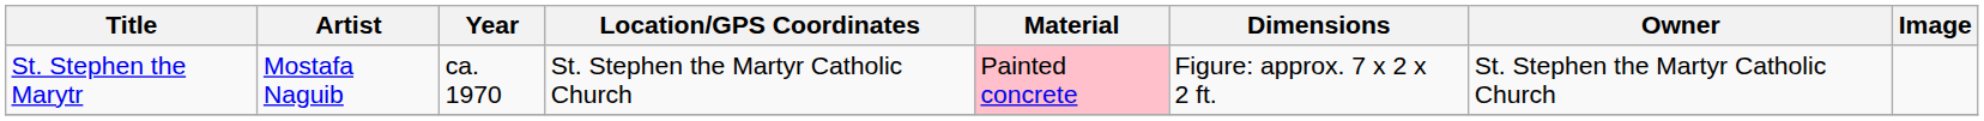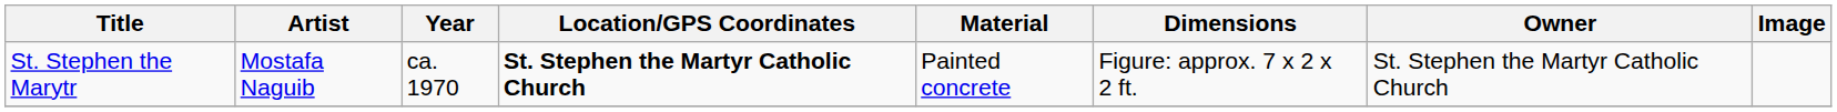 <table class="wikitable sortable">
 <tr>
 <th>Title</th>
 <th>Artist</th>
 <th>Year</th>
 <th>Location/GPS Coordinates</th>
 <th>Material</th>
 <th>Dimensions</th>
 <th>Owner</th>
 <th>Image</th>
 </tr>
 <tr>
 <td><a href='#'>St. Stephen the Marytr</a></td>
 <td><a href='#'>Mostafa Naguib</a></td>
 <td>ca. 1970</td>
-<td>St. Stephen the Martyr Catholic Church </td>
-<td style="background: pink;">Painted <a href='#'>concrete</a></td>
+<td><strong>St. Stephen the Martyr Catholic Church </strong></td>
+<td>Painted <a href='#'>concrete</a></td>
 <td>Figure: approx. 7 x 2 x 2 ft.</td>
 <td>St. Stephen the Martyr Catholic Church</td>
 <td></td>
 </tr>
 <tr>
 </tr>
 </table>
